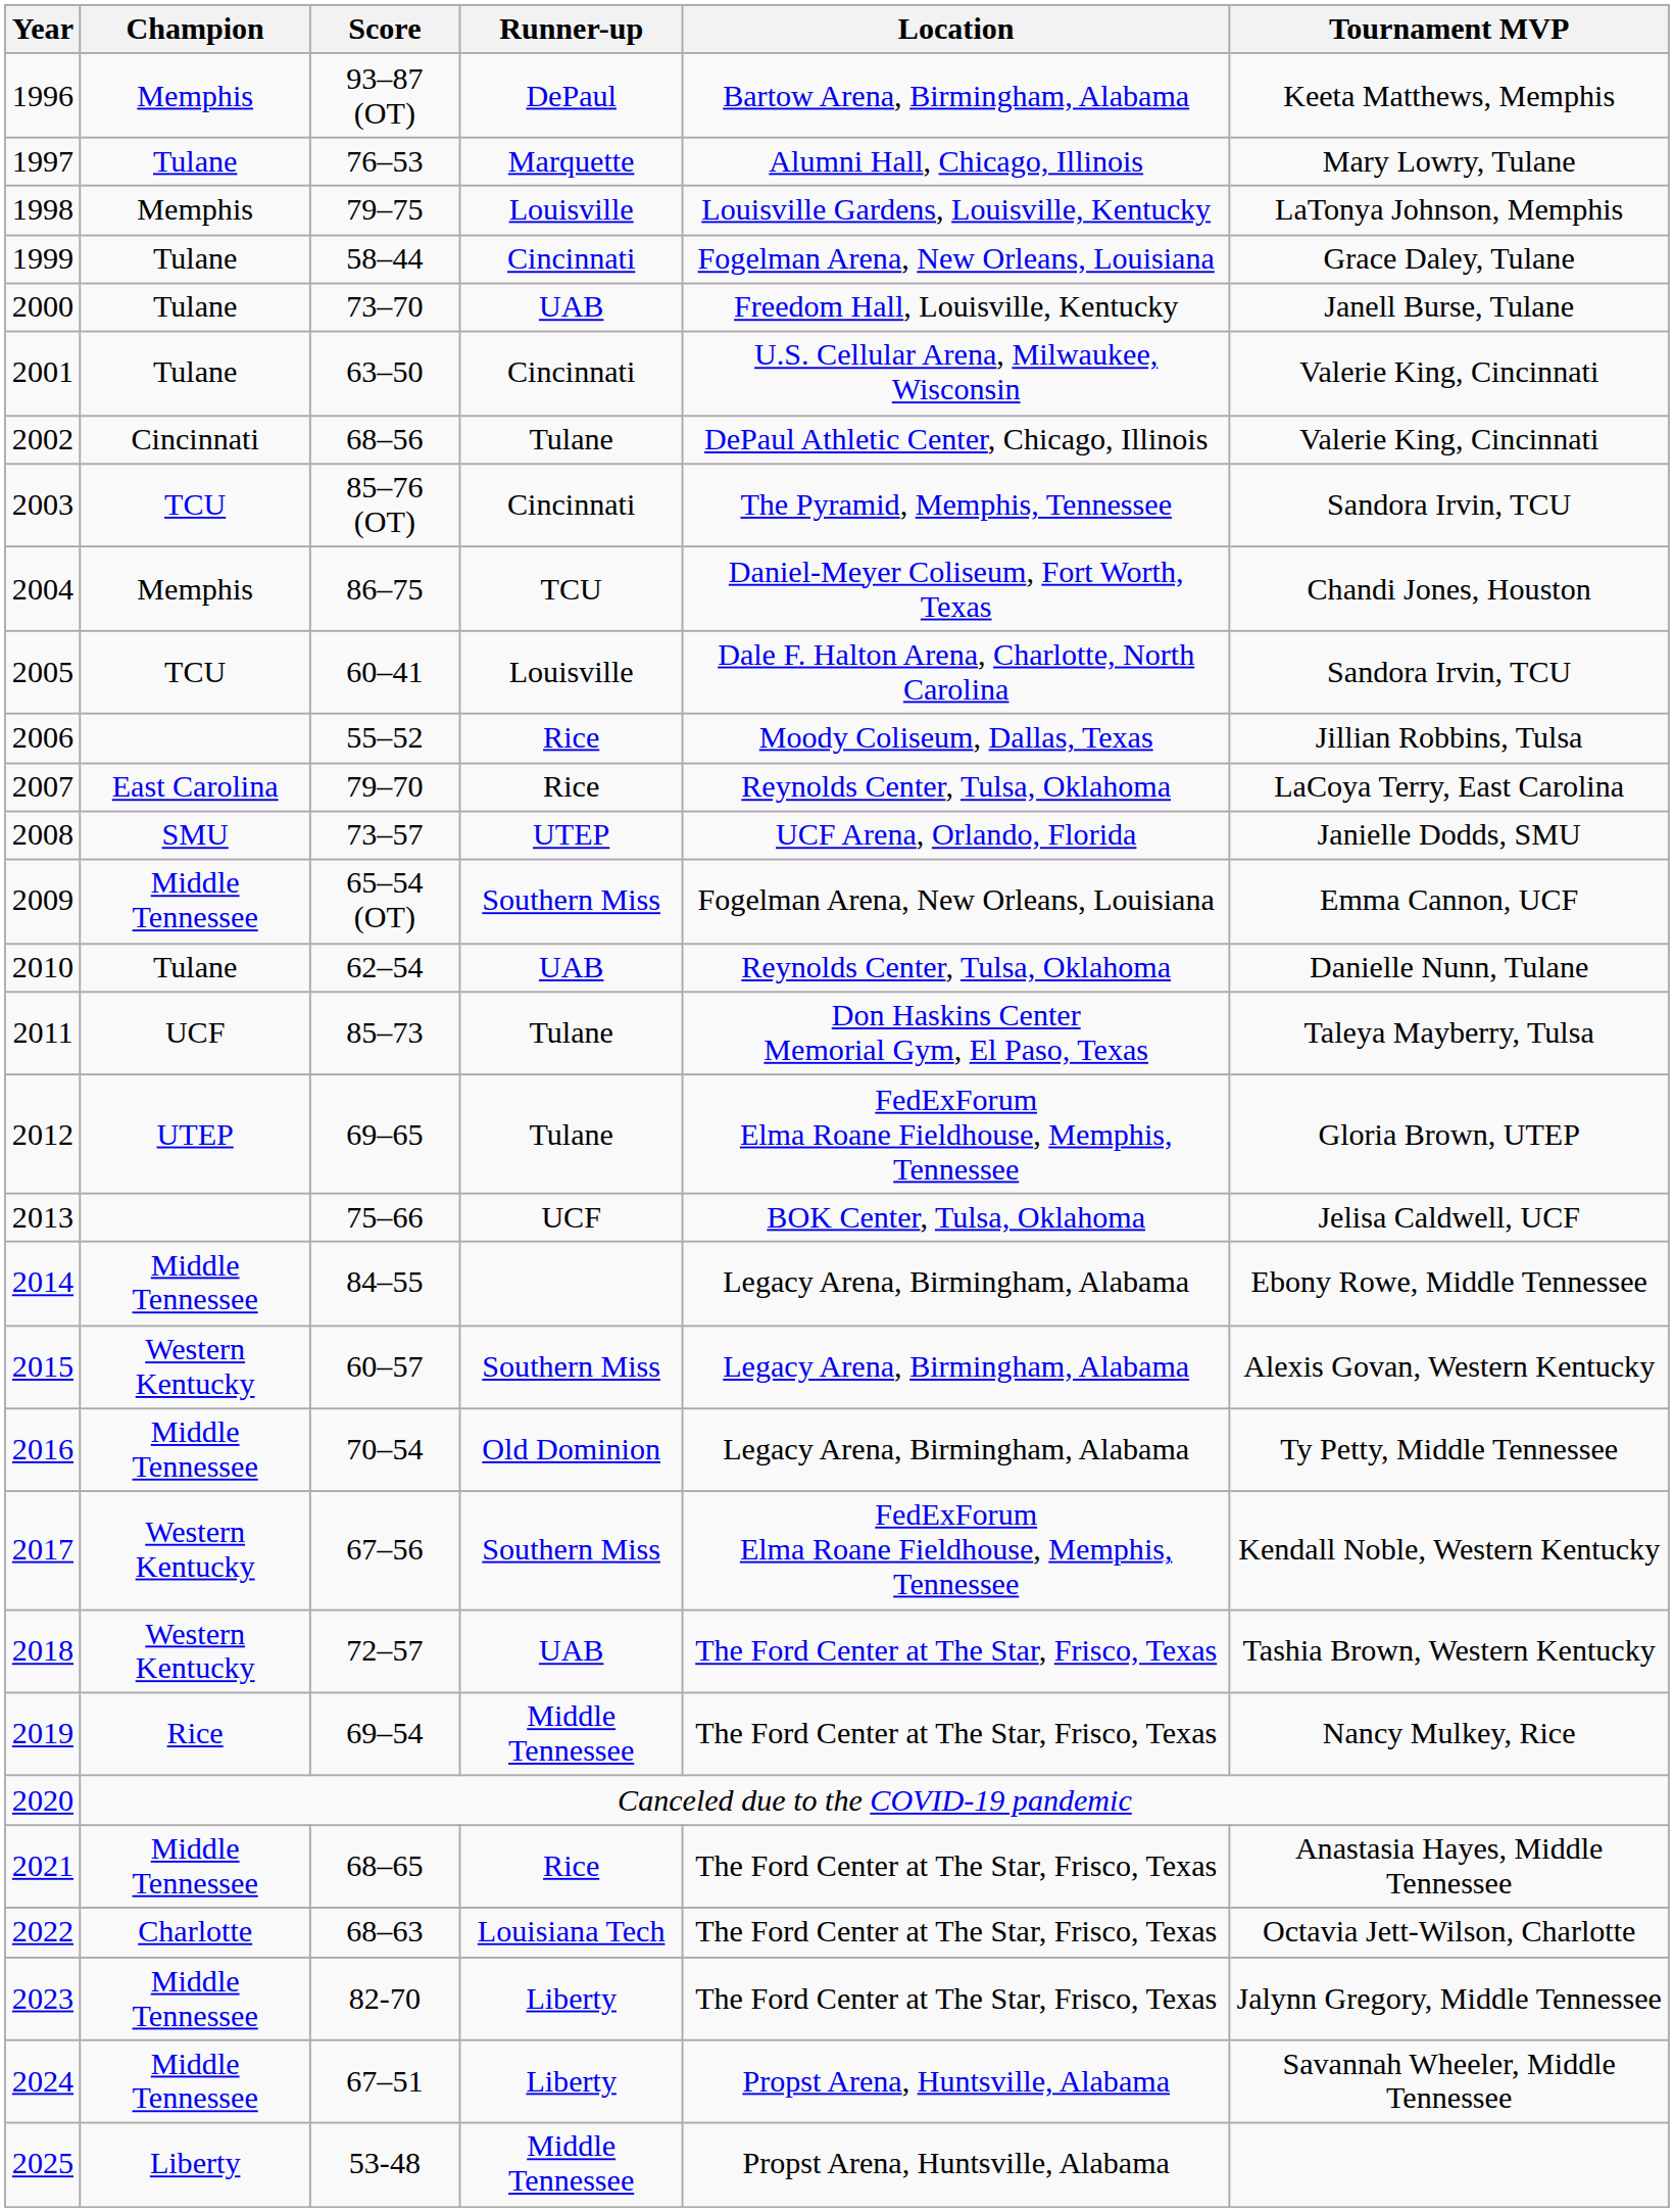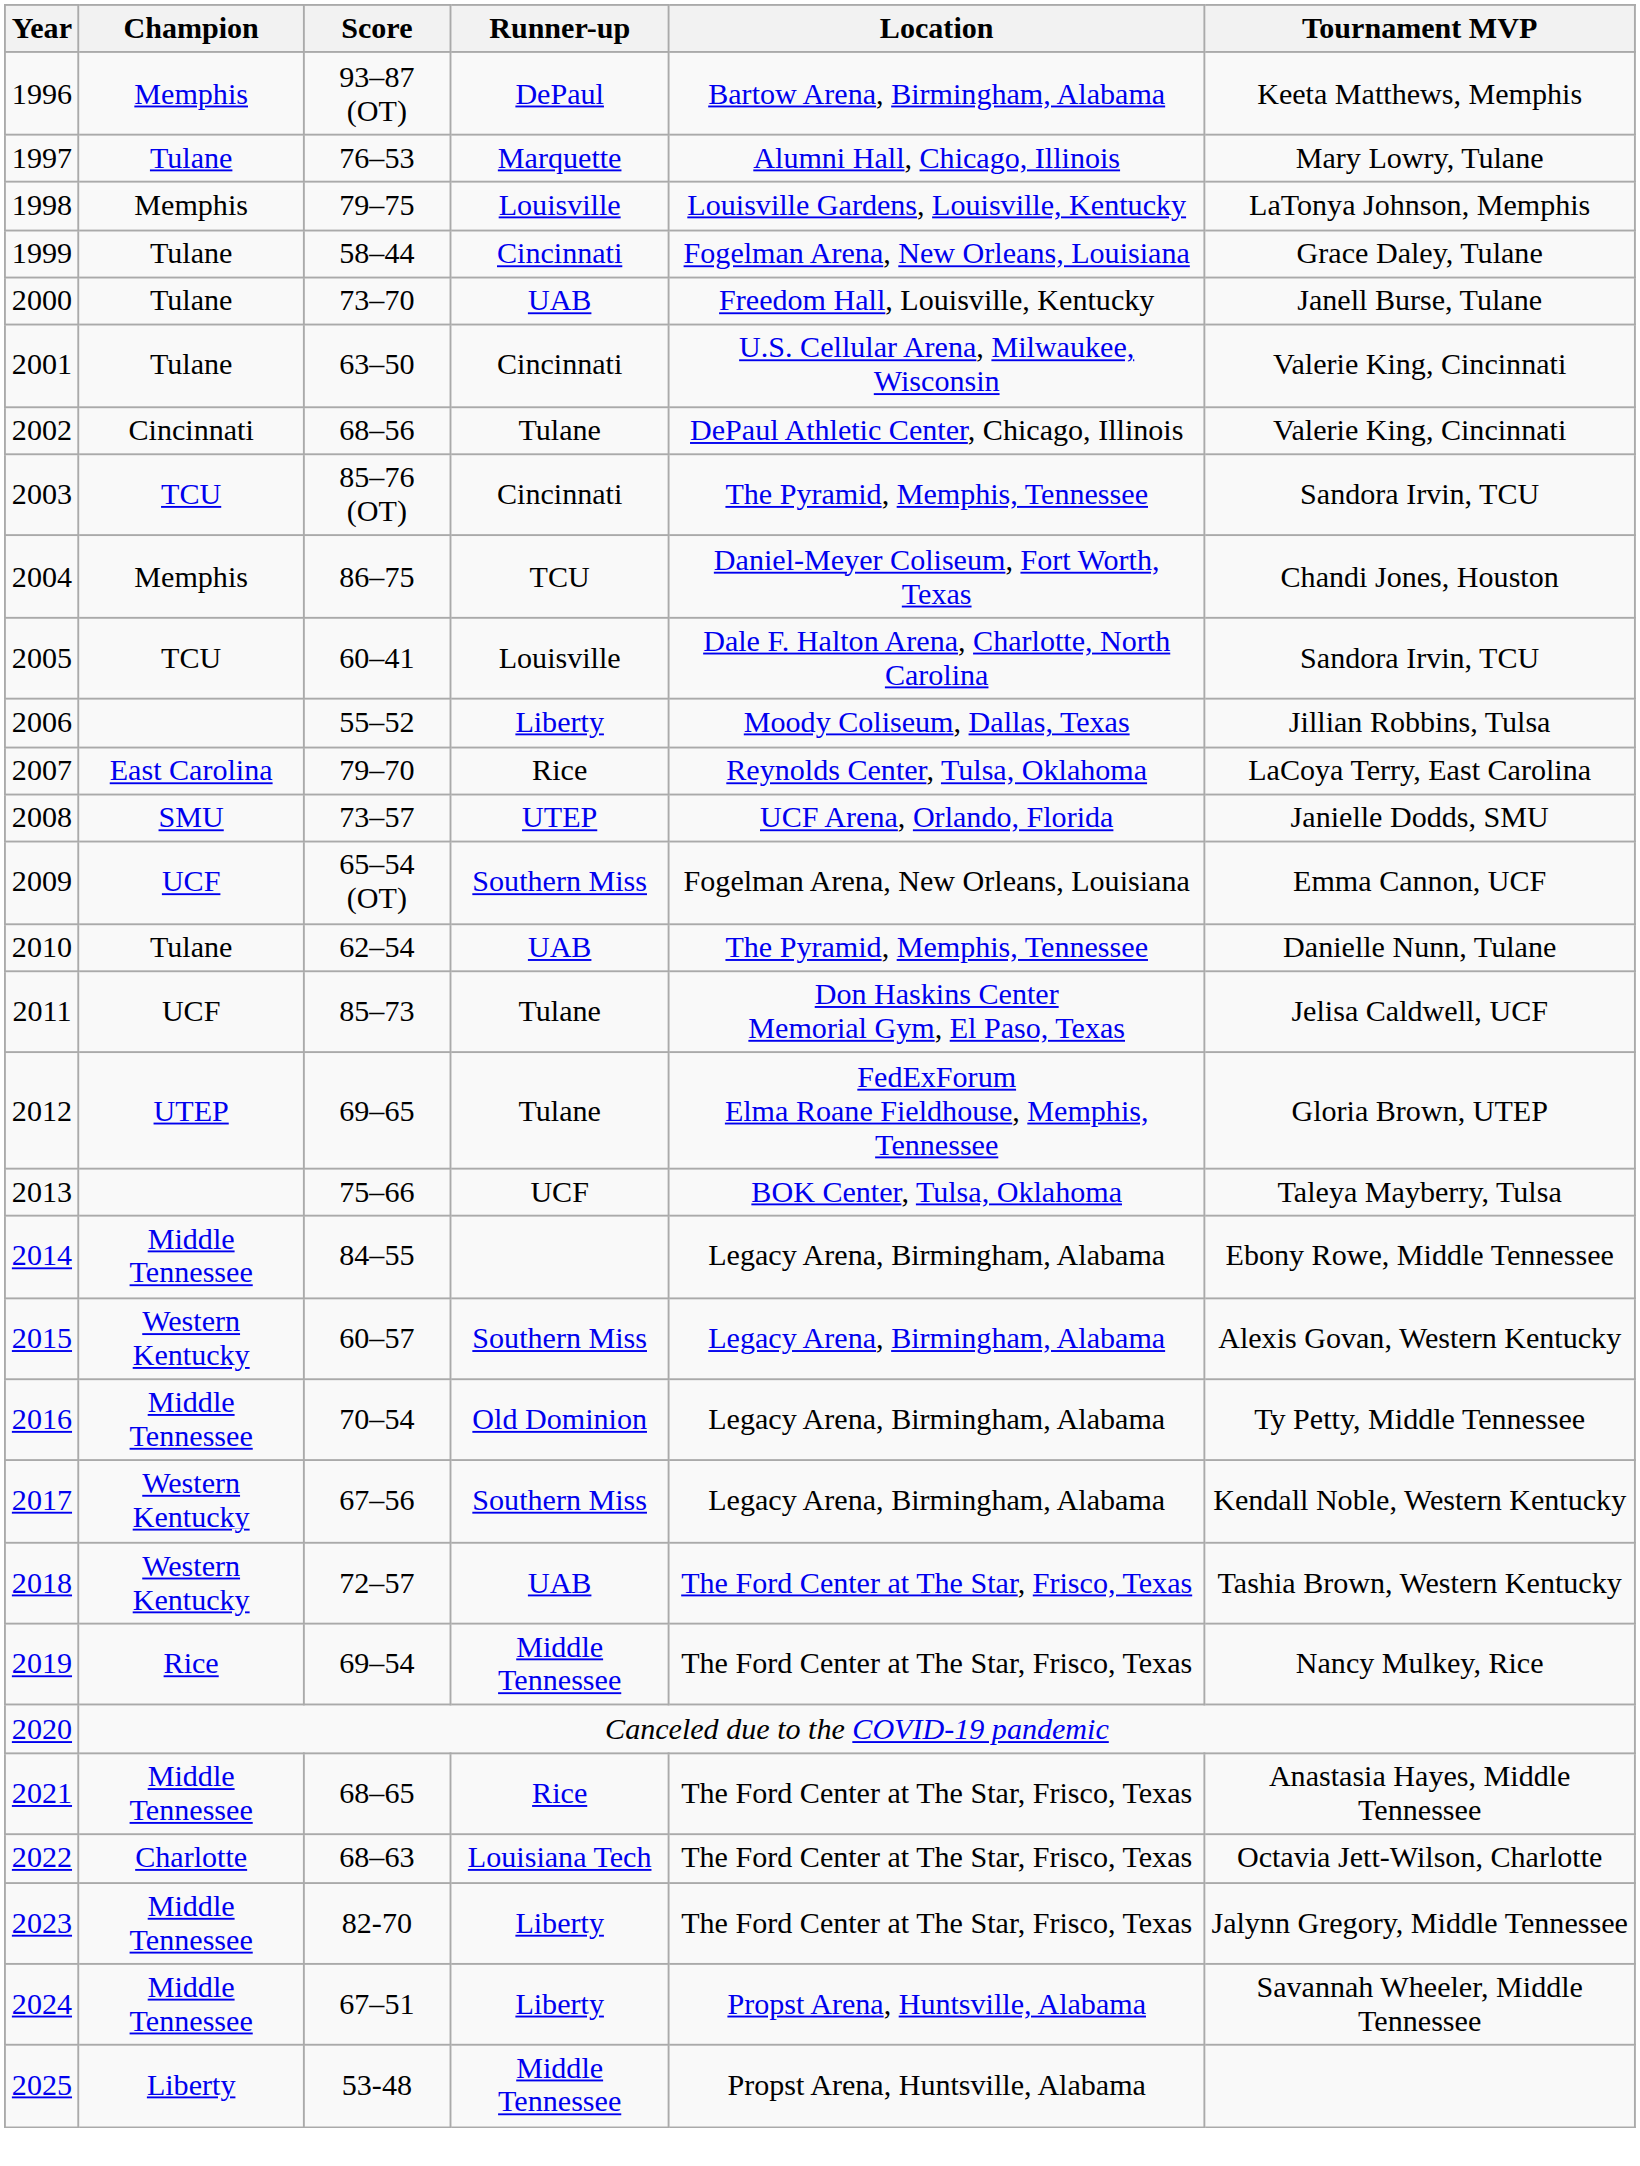 <table class="wikitable sortable" style="text-align:center">
 <tr>
 <th width=px>Year</th>
 <th width=px>Champion</th>
 <th width=px>Score</th>
 <th width=px>Runner-up</th>
 <th width=px>Location</th>
 <th width=px>Tournament MVP</th>
 </tr>
 <tr>
 <td>1996</td>
 <td><a href='#'>Memphis</a></td>
 <td>93–87 (OT)</td>
 <td><a href='#'>DePaul</a></td>
 <td><a href='#'>Bartow Arena</a>, <a href='#'>Birmingham, Alabama</a></td>
 <td>Keeta Matthews, Memphis</td>
 </tr>
 <tr>
 <td>1997</td>
 <td><a href='#'>Tulane</a></td>
 <td>76–53</td>
 <td><a href='#'>Marquette</a></td>
 <td><a href='#'>Alumni Hall</a>, <a href='#'>Chicago, Illinois</a></td>
 <td>Mary Lowry, Tulane</td>
 </tr>
 <tr>
 <td>1998</td>
 <td>Memphis</td>
 <td>79–75</td>
 <td><a href='#'>Louisville</a></td>
 <td><a href='#'>Louisville Gardens</a>, <a href='#'>Louisville, Kentucky</a></td>
 <td>LaTonya Johnson, Memphis</td>
 </tr>
 <tr>
 <td>1999</td>
 <td>Tulane</td>
 <td>58–44</td>
 <td><a href='#'>Cincinnati</a></td>
 <td><a href='#'>Fogelman Arena</a>, <a href='#'>New Orleans, Louisiana</a></td>
 <td>Grace Daley, Tulane</td>
 </tr>
 <tr>
 <td>2000</td>
 <td>Tulane</td>
 <td>73–70</td>
 <td><a href='#'>UAB</a></td>
 <td><a href='#'>Freedom Hall</a>, Louisville, Kentucky</td>
 <td>Janell Burse, Tulane</td>
 </tr>
 <tr>
 <td>2001</td>
 <td>Tulane</td>
 <td>63–50</td>
 <td>Cincinnati</td>
 <td><a href='#'>U.S. Cellular Arena</a>, <a href='#'>Milwaukee, Wisconsin</a></td>
 <td>Valerie King, Cincinnati</td>
 </tr>
 <tr>
 <td>2002</td>
 <td>Cincinnati</td>
 <td>68–56</td>
 <td>Tulane</td>
 <td><a href='#'>DePaul Athletic Center</a>, Chicago, Illinois</td>
 <td>Valerie King, Cincinnati</td>
 </tr>
 <tr>
 <td>2003</td>
 <td><a href='#'>TCU</a></td>
 <td>85–76 (OT)</td>
 <td>Cincinnati</td>
 <td><a href='#'>The Pyramid</a>, <a href='#'>Memphis, Tennessee</a></td>
 <td>Sandora Irvin, TCU</td>
 </tr>
 <tr>
 <td>2004</td>
 <td>Memphis</td>
 <td>86–75</td>
 <td>TCU</td>
 <td><a href='#'>Daniel-Meyer Coliseum</a>, <a href='#'>Fort Worth, Texas</a></td>
 <td>Chandi Jones, Houston</td>
 </tr>
 <tr>
 <td>2005</td>
 <td>TCU</td>
 <td>60–41</td>
 <td>Louisville</td>
 <td><a href='#'>Dale F. Halton Arena</a>, <a href='#'>Charlotte, North Carolina</a></td>
 <td>Sandora Irvin, TCU</td>
 </tr>
 <tr>
 <td>2006</td>
 <td></td>
 <td>55–52</td>
-<td><a href='#'>Rice</a></td>
+<td><a href='#'>Liberty</a></td>
 <td><a href='#'>Moody Coliseum</a>, <a href='#'>Dallas, Texas</a></td>
 <td>Jillian Robbins, Tulsa</td>
 </tr>
 <tr>
 <td>2007</td>
 <td><a href='#'>East Carolina</a></td>
 <td>79–70</td>
 <td>Rice</td>
 <td><a href='#'>Reynolds Center</a>, <a href='#'>Tulsa, Oklahoma</a></td>
 <td>LaCoya Terry, East Carolina</td>
 </tr>
 <tr>
 <td>2008</td>
 <td><a href='#'>SMU</a></td>
 <td>73–57</td>
 <td><a href='#'>UTEP</a></td>
 <td><a href='#'>UCF Arena</a>, <a href='#'>Orlando, Florida</a></td>
 <td>Janielle Dodds, SMU</td>
 </tr>
 <tr>
 <td>2009</td>
-<td><a href='#'>Middle Tennessee</a></td>
+<td><a href='#'>UCF</a></td>
 <td>65–54 (OT)</td>
 <td><a href='#'>Southern Miss</a></td>
 <td>Fogelman Arena, New Orleans, Louisiana</td>
 <td>Emma Cannon, UCF</td>
 </tr>
 <tr>
 <td>2010</td>
 <td>Tulane</td>
 <td>62–54</td>
 <td><a href='#'>UAB</a></td>
-<td><a href='#'>Reynolds Center</a>, <a href='#'>Tulsa, Oklahoma</a></td>
+<td><a href='#'>The Pyramid</a>, <a href='#'>Memphis, Tennessee</a></td>
 <td>Danielle Nunn, Tulane</td>
 </tr>
 <tr>
 <td>2011</td>
 <td>UCF</td>
 <td>85–73</td>
 <td>Tulane</td>
 <td><a href='#'>Don Haskins Center</a><br><a href='#'>Memorial Gym</a>, <a href='#'>El Paso, Texas</a></td>
-<td>Taleya Mayberry, Tulsa</td>
+<td>Jelisa Caldwell, UCF</td>
 </tr>
 <tr>
 <td>2012</td>
 <td><a href='#'>UTEP</a></td>
 <td>69–65</td>
 <td>Tulane</td>
 <td><a href='#'>FedExForum</a><br><a href='#'>Elma Roane Fieldhouse</a>, <a href='#'>Memphis, Tennessee</a></td>
 <td>Gloria Brown, UTEP</td>
 </tr>
 <tr>
 <td>2013</td>
 <td></td>
 <td>75–66</td>
 <td>UCF</td>
 <td><a href='#'>BOK Center</a>, <a href='#'>Tulsa, Oklahoma</a></td>
-<td>Jelisa Caldwell, UCF</td>
+<td>Taleya Mayberry, Tulsa</td>
 </tr>
 <tr>
 <td><a href='#'>2014</a></td>
 <td><a href='#'>Middle Tennessee</a></td>
 <td>84–55</td>
 <td></td>
 <td>Legacy Arena, Birmingham, Alabama</td>
 <td>Ebony Rowe, Middle Tennessee</td>
 </tr>
 <tr>
 <td><a href='#'>2015</a></td>
 <td><a href='#'>Western Kentucky</a></td>
 <td>60–57</td>
 <td><a href='#'>Southern Miss</a></td>
 <td><a href='#'>Legacy Arena</a>, <a href='#'>Birmingham, Alabama</a></td>
 <td>Alexis Govan, Western Kentucky</td>
 </tr>
 <tr>
 <td><a href='#'>2016</a></td>
 <td><a href='#'>Middle Tennessee</a></td>
 <td>70–54</td>
 <td><a href='#'>Old Dominion</a></td>
 <td>Legacy Arena, Birmingham, Alabama</td>
 <td>Ty Petty, Middle Tennessee</td>
 </tr>
 <tr>
 <td><a href='#'>2017</a></td>
 <td><a href='#'>Western Kentucky</a></td>
 <td>67–56</td>
 <td><a href='#'>Southern Miss</a></td>
-<td><a href='#'>FedExForum</a><br><a href='#'>Elma Roane Fieldhouse</a>, <a href='#'>Memphis, Tennessee</a></td>
+<td>Legacy Arena, Birmingham, Alabama</td>
 <td>Kendall Noble, Western Kentucky</td>
 </tr>
 <tr>
 <td><a href='#'>2018</a></td>
 <td><a href='#'>Western Kentucky</a></td>
 <td>72–57</td>
 <td><a href='#'>UAB</a></td>
 <td><a href='#'>The Ford Center at The Star</a>, <a href='#'>Frisco, Texas</a></td>
 <td>Tashia Brown, Western Kentucky</td>
 </tr>
 <tr>
 <td><a href='#'>2019</a></td>
 <td><a href='#'>Rice</a></td>
 <td>69–54</td>
 <td><a href='#'>Middle Tennessee</a></td>
 <td>The Ford Center at The Star, Frisco, Texas</td>
 <td>Nancy Mulkey, Rice</td>
 </tr>
 <tr>
 <td><a href='#'>2020</a></td>
 <td colspan="5"><em>Canceled due to the <a href='#'>COVID-19 pandemic</a></em></td>
 </tr>
 <tr>
 <td><a href='#'>2021</a></td>
 <td><a href='#'>Middle Tennessee</a></td>
 <td>68–65</td>
 <td><a href='#'>Rice</a></td>
 <td>The Ford Center at The Star, Frisco, Texas</td>
 <td>Anastasia Hayes, Middle Tennessee</td>
 </tr>
 <tr>
 <td><a href='#'>2022</a></td>
 <td><a href='#'>Charlotte</a></td>
 <td>68–63</td>
 <td><a href='#'>Louisiana Tech</a></td>
 <td>The Ford Center at The Star, Frisco, Texas</td>
 <td>Octavia Jett-Wilson, Charlotte</td>
 </tr>
 <tr>
 <td><a href='#'>2023</a></td>
 <td><a href='#'>Middle Tennessee</a></td>
 <td>82-70</td>
 <td><a href='#'>Liberty</a></td>
 <td>The Ford Center at The Star, Frisco, Texas</td>
 <td>Jalynn Gregory, Middle Tennessee</td>
 </tr>
 <tr>
 <td><a href='#'>2024</a></td>
 <td><a href='#'>Middle Tennessee</a></td>
 <td>67–51</td>
 <td><a href='#'>Liberty</a></td>
 <td><a href='#'>Propst Arena</a>, <a href='#'>Huntsville, Alabama</a></td>
 <td>Savannah Wheeler, Middle Tennessee</td>
 </tr>
 <tr>
 <td><a href='#'>2025</a></td>
 <td><a href='#'>Liberty</a></td>
 <td>53-48</td>
 <td><a href='#'>Middle Tennessee</a></td>
 <td>Propst Arena, Huntsville, Alabama</td>
 <td></td>
 </tr>
 </table>
